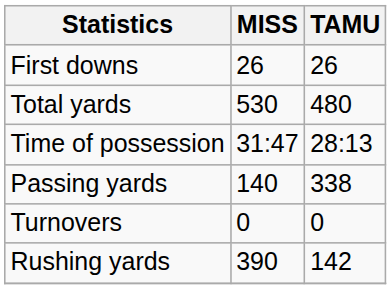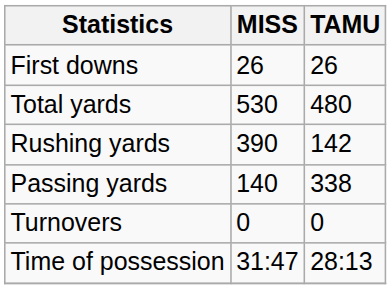 <table class="wikitable" style="float: left;">
 <tr>
 <th>Statistics</th>
 <th>MISS</th>
 <th>TAMU</th>
 </tr>
 <tr>
 <td>First downs</td>
 <td>26</td>
 <td>26</td>
 </tr>
 <tr>
 <td>Total yards</td>
 <td>530</td>
 <td>480</td>
 </tr>
 <tr>
-<td>Time of possession</td>
-<td>31:47</td>
-<td>28:13</td>
+<td>Rushing yards</td>
+<td>390</td>
+<td>142</td>
 </tr>
 <tr>
 <td>Passing yards</td>
 <td>140</td>
 <td>338</td>
 </tr>
 <tr>
 <td>Turnovers</td>
 <td>0</td>
 <td>0</td>
 </tr>
 <tr>
-<td>Rushing yards</td>
-<td>390</td>
-<td>142</td>
+<td>Time of possession</td>
+<td>31:47</td>
+<td>28:13</td>
 </tr>
 <tr>
 </tr>
 </table>
